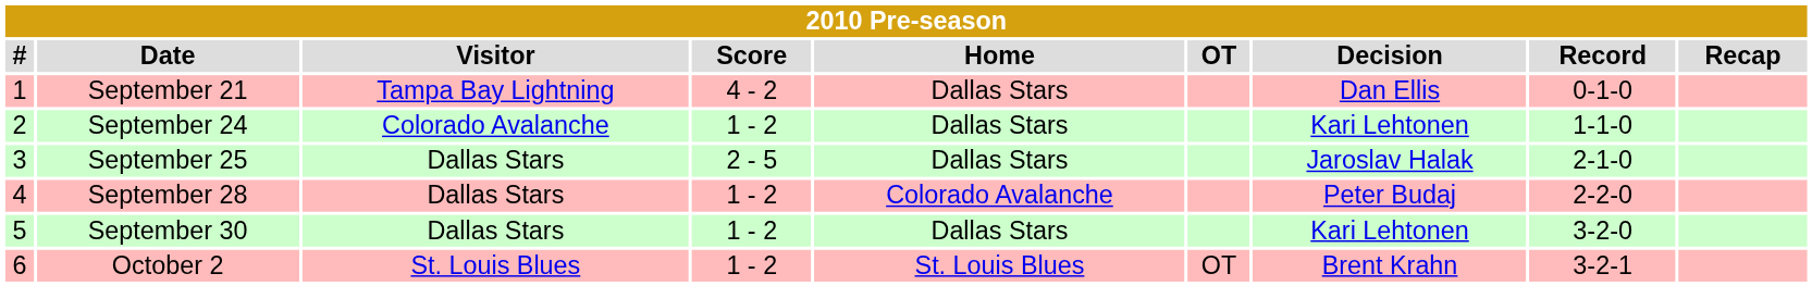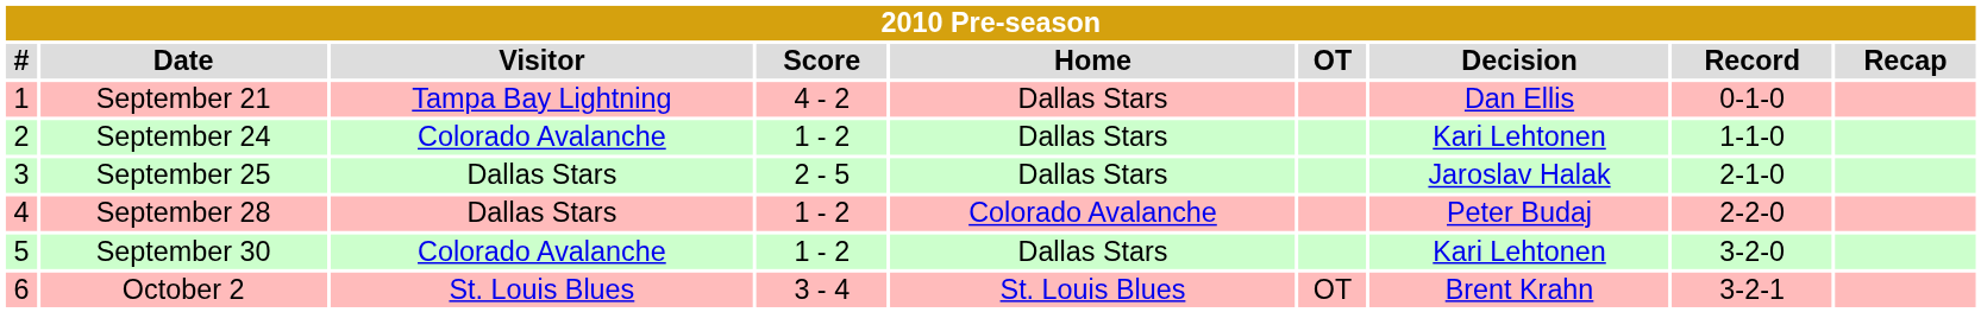 <table class="toccolours collapsible collapsed" width=90% style="clear:both; margin:1.5em auto; text-align:center">
 <tr>
 <th colspan=11 style="background:#D5A10E; color:#FFFFFF;">2010 Pre-season </th>
 </tr>
 <tr align="center" bgcolor="#dddddd">
 <td><strong>#</strong></td>
 <td><strong>Date</strong></td>
 <td><strong>Visitor</strong></td>
 <td><strong>Score</strong></td>
 <td><strong>Home</strong></td>
 <td><strong>OT</strong></td>
 <td><strong>Decision</strong></td>
 <td><strong>Record</strong></td>
 <td><strong>Recap</strong></td>
 </tr>
 <tr align="center" bgcolor="ffbbbb">
 <td>1</td>
 <td>September 21</td>
 <td><a href='#'>Tampa Bay Lightning</a></td>
 <td>4 - 2</td>
 <td>Dallas Stars</td>
 <td></td>
 <td><a href='#'>Dan Ellis</a></td>
 <td>0-1-0</td>
 <td></td>
 </tr>
 <tr align="center" bgcolor="ccffcc">
 <td>2</td>
 <td>September 24</td>
 <td><a href='#'>Colorado Avalanche</a></td>
 <td>1 - 2</td>
 <td>Dallas Stars</td>
 <td></td>
 <td><a href='#'>Kari Lehtonen</a></td>
 <td>1-1-0</td>
 <td></td>
 </tr>
 <tr align="center" bgcolor="ccffcc">
 <td>3</td>
 <td>September 25</td>
 <td>Dallas Stars</td>
 <td>2 - 5</td>
 <td>Dallas Stars</td>
 <td></td>
 <td><a href='#'>Jaroslav Halak</a></td>
 <td>2-1-0</td>
 <td></td>
 </tr>
 <tr align="center" bgcolor="ffbbbb">
 <td>4</td>
 <td>September 28</td>
 <td>Dallas Stars</td>
 <td>1 - 2</td>
 <td><a href='#'>Colorado Avalanche</a></td>
 <td></td>
 <td><a href='#'>Peter Budaj</a></td>
 <td>2-2-0</td>
 <td></td>
 </tr>
 <tr align="center" bgcolor="ccffcc">
 <td>5</td>
 <td>September 30</td>
-<td>Dallas Stars</td>
+<td><a href='#'>Colorado Avalanche</a></td>
 <td>1 - 2</td>
 <td>Dallas Stars</td>
 <td></td>
 <td><a href='#'>Kari Lehtonen</a></td>
 <td>3-2-0</td>
 <td></td>
 </tr>
 <tr align="center" bgcolor="ffbbbb">
 <td>6</td>
 <td>October 2</td>
 <td><a href='#'>St. Louis Blues</a></td>
-<td>1 - 2</td>
+<td>3 - 4</td>
 <td><a href='#'>St. Louis Blues</a></td>
 <td>OT</td>
 <td><a href='#'>Brent Krahn</a></td>
 <td>3-2-1</td>
 <td></td>
 </tr>
 </table>
